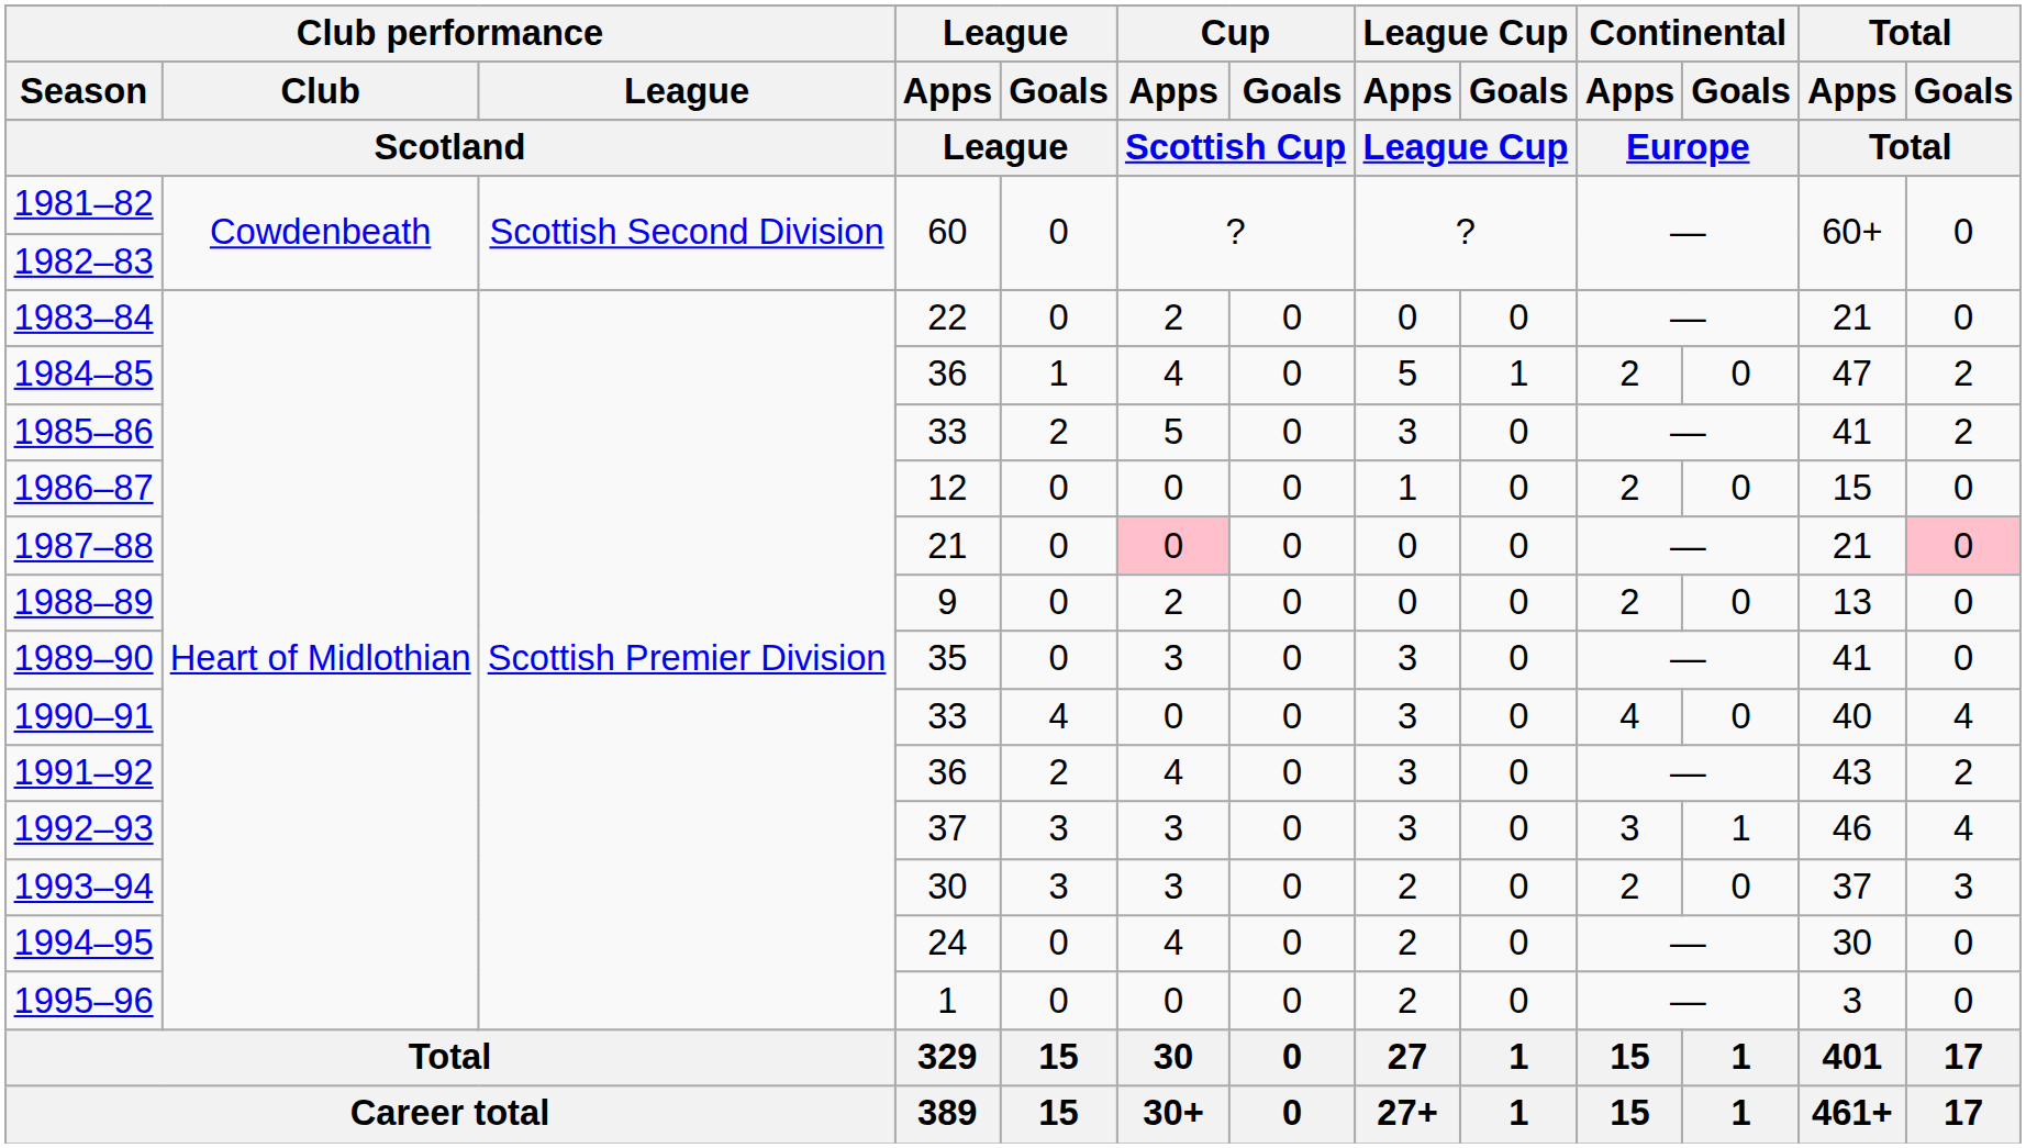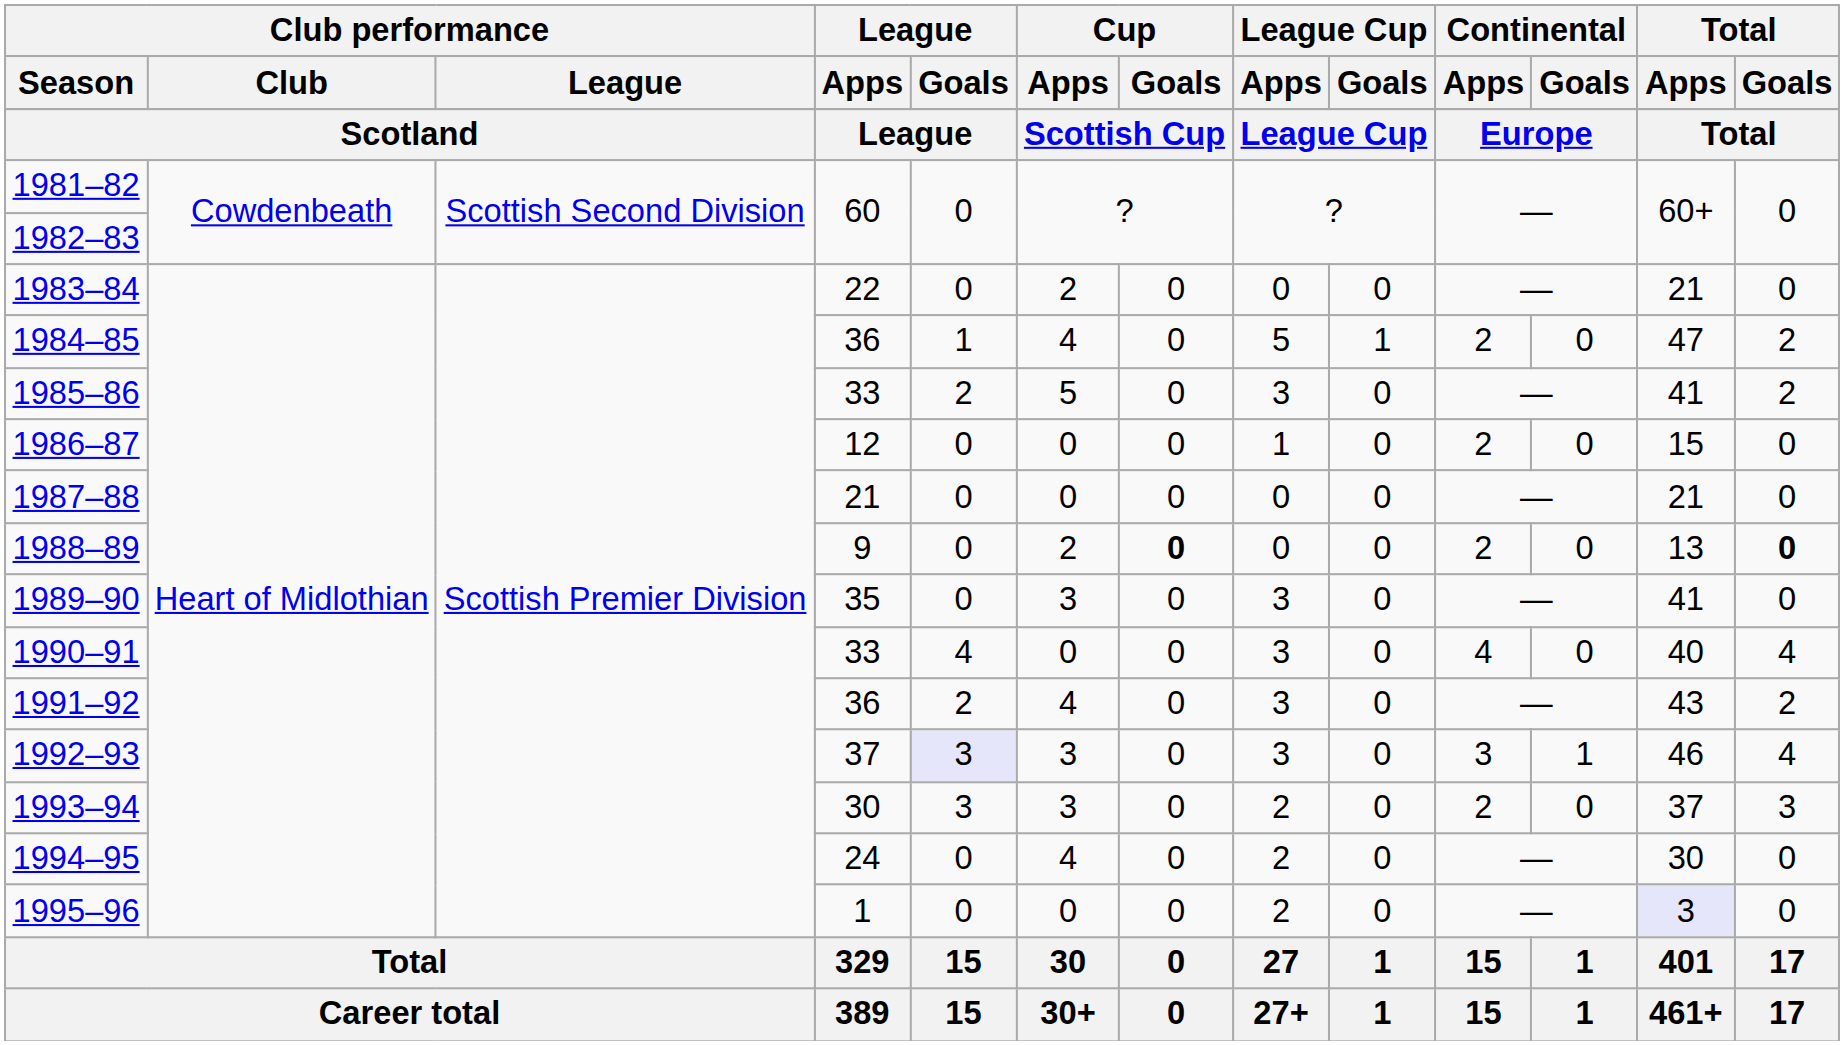 <table class="wikitable" style="text-align:center">
 <tr>
 <th colspan=3>Club performance</th>
 <th colspan=2>League</th>
 <th colspan=2>Cup</th>
 <th colspan=2>League Cup</th>
 <th colspan=2>Continental</th>
 <th colspan=2>Total</th>
 </tr>
 <tr>
 <th>Season</th>
 <th>Club</th>
 <th>League</th>
 <th>Apps</th>
 <th>Goals</th>
 <th>Apps</th>
 <th>Goals</th>
 <th>Apps</th>
 <th>Goals</th>
 <th>Apps</th>
 <th>Goals</th>
 <th>Apps</th>
 <th>Goals</th>
 </tr>
 <tr>
 </tr>
 <tr>
 <th colspan=3>Scotland</th>
 <th colspan=2>League</th>
 <th colspan=2><a href='#'>Scottish Cup</a></th>
 <th colspan=2><a href='#'>League Cup</a></th>
 <th colspan=2><a href='#'>Europe</a></th>
 <th colspan=2>Total</th>
 </tr>
 <tr>
 <td><a href='#'>1981–82</a></td>
 <td rowspan=3><a href='#'>Cowdenbeath</a></td>
 <td rowspan=3><a href='#'>Scottish Second Division</a></td>
 <td rowspan=3>60</td>
 <td rowspan=3>0</td>
 <td rowspan=3 colspan=2>?</td>
 <td rowspan=3 colspan=2>?</td>
 <td rowspan=3 colspan=2>—</td>
 <td rowspan=3>60+</td>
 <td rowspan=3>0</td>
 </tr>
 <tr>
 <td><a href='#'>1982–83</a></td>
 </tr>
 <tr>
 <td rowspan=2><a href='#'>1983–84</a></td>
 </tr>
 <tr>
 <td rowspan=13><a href='#'>Heart of Midlothian</a></td>
 <td rowspan=13><a href='#'>Scottish Premier Division</a></td>
 <td>22</td>
 <td>0</td>
 <td>2</td>
 <td>0</td>
 <td>0</td>
 <td>0</td>
 <td colspan=2>—</td>
 <td>21</td>
 <td>0</td>
 </tr>
 <tr>
 <td><a href='#'>1984–85</a></td>
 <td>36</td>
 <td>1</td>
 <td>4</td>
 <td>0</td>
 <td>5</td>
 <td>1</td>
 <td>2</td>
 <td>0</td>
 <td>47</td>
 <td>2</td>
 </tr>
 <tr>
 <td><a href='#'>1985–86</a></td>
 <td>33</td>
 <td>2</td>
 <td>5</td>
 <td>0</td>
 <td>3</td>
 <td>0</td>
 <td colspan=2>—</td>
 <td>41</td>
 <td>2</td>
 </tr>
 <tr>
 <td><a href='#'>1986–87</a></td>
 <td>12</td>
 <td>0</td>
 <td>0</td>
 <td>0</td>
 <td>1</td>
 <td>0</td>
 <td>2</td>
 <td>0</td>
 <td>15</td>
 <td>0</td>
 </tr>
 <tr>
 <td><a href='#'>1987–88</a></td>
 <td>21</td>
 <td>0</td>
-<td style="background: pink;">0</td>
+<td>0</td>
 <td>0</td>
 <td>0</td>
 <td>0</td>
 <td colspan=2>—</td>
 <td>21</td>
-<td style="background: pink;">0</td>
+<td>0</td>
 </tr>
 <tr>
 <td><a href='#'>1988–89</a></td>
 <td>9</td>
 <td>0</td>
 <td>2</td>
-<td>0</td>
+<td><strong>0</strong></td>
 <td>0</td>
 <td>0</td>
 <td>2</td>
 <td>0</td>
 <td>13</td>
-<td>0</td>
+<td><strong>0</strong></td>
 </tr>
 <tr>
 <td><a href='#'>1989–90</a></td>
 <td>35</td>
 <td>0</td>
 <td>3</td>
 <td>0</td>
 <td>3</td>
 <td>0</td>
 <td colspan=2>—</td>
 <td>41</td>
 <td>0</td>
 </tr>
 <tr>
 <td><a href='#'>1990–91</a></td>
 <td>33</td>
 <td>4</td>
 <td>0</td>
 <td>0</td>
 <td>3</td>
 <td>0</td>
 <td>4</td>
 <td>0</td>
 <td>40</td>
 <td>4</td>
 </tr>
 <tr>
 <td><a href='#'>1991–92</a></td>
 <td>36</td>
 <td>2</td>
 <td>4</td>
 <td>0</td>
 <td>3</td>
 <td>0</td>
 <td colspan=2>—</td>
 <td>43</td>
 <td>2</td>
 </tr>
 <tr>
 <td><a href='#'>1992–93</a></td>
 <td>37</td>
-<td>3</td>
+<td style="background: lavender;">3</td>
 <td>3</td>
 <td>0</td>
 <td>3</td>
 <td>0</td>
 <td>3</td>
 <td>1</td>
 <td>46</td>
 <td>4</td>
 </tr>
 <tr>
 <td><a href='#'>1993–94</a></td>
 <td>30</td>
 <td>3</td>
 <td>3</td>
 <td>0</td>
 <td>2</td>
 <td>0</td>
 <td>2</td>
 <td>0</td>
 <td>37</td>
 <td>3</td>
 </tr>
 <tr>
 <td><a href='#'>1994–95</a></td>
 <td>24</td>
 <td>0</td>
 <td>4</td>
 <td>0</td>
 <td>2</td>
 <td>0</td>
 <td colspan=2>—</td>
 <td>30</td>
 <td>0</td>
 </tr>
 <tr>
 <td><a href='#'>1995–96</a></td>
 <td>1</td>
 <td>0</td>
 <td>0</td>
 <td>0</td>
 <td>2</td>
 <td>0</td>
 <td colspan=2>—</td>
-<td>3</td>
+<td style="background: lavender;">3</td>
 <td>0</td>
 </tr>
 <tr>
 <th colspan=3>Total</th>
 <th>329</th>
 <th>15</th>
 <th>30</th>
 <th>0</th>
 <th>27</th>
 <th>1</th>
 <th>15</th>
 <th>1</th>
 <th>401</th>
 <th>17</th>
 </tr>
 <tr>
 <th colspan=3>Career total</th>
 <th>389</th>
 <th>15</th>
 <th>30+</th>
 <th>0</th>
 <th>27+</th>
 <th>1</th>
 <th>15</th>
 <th>1</th>
 <th>461+</th>
 <th>17</th>
 </tr>
 </table>
